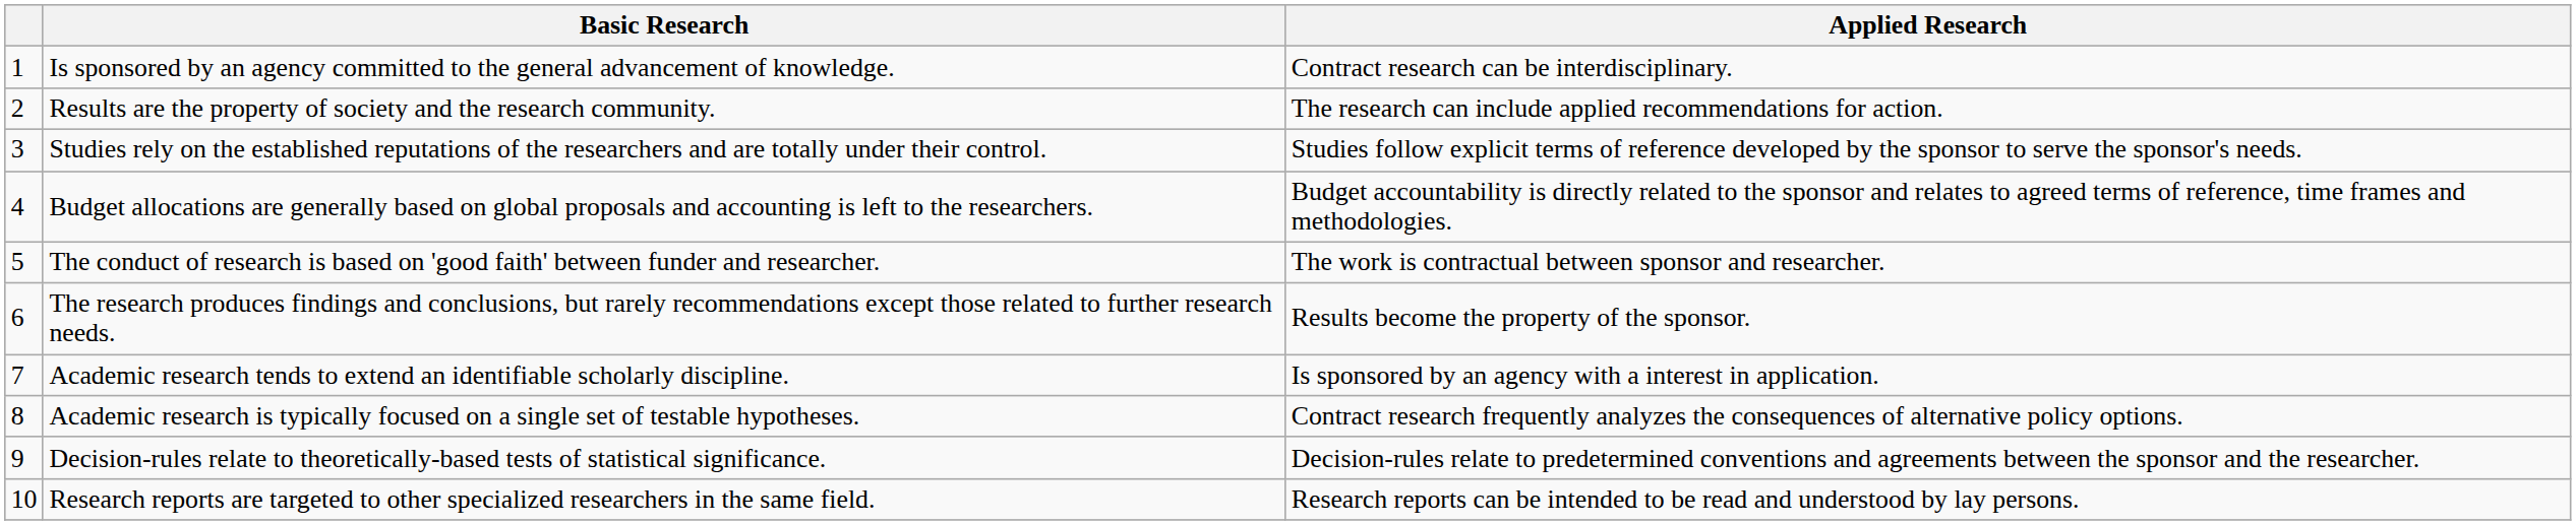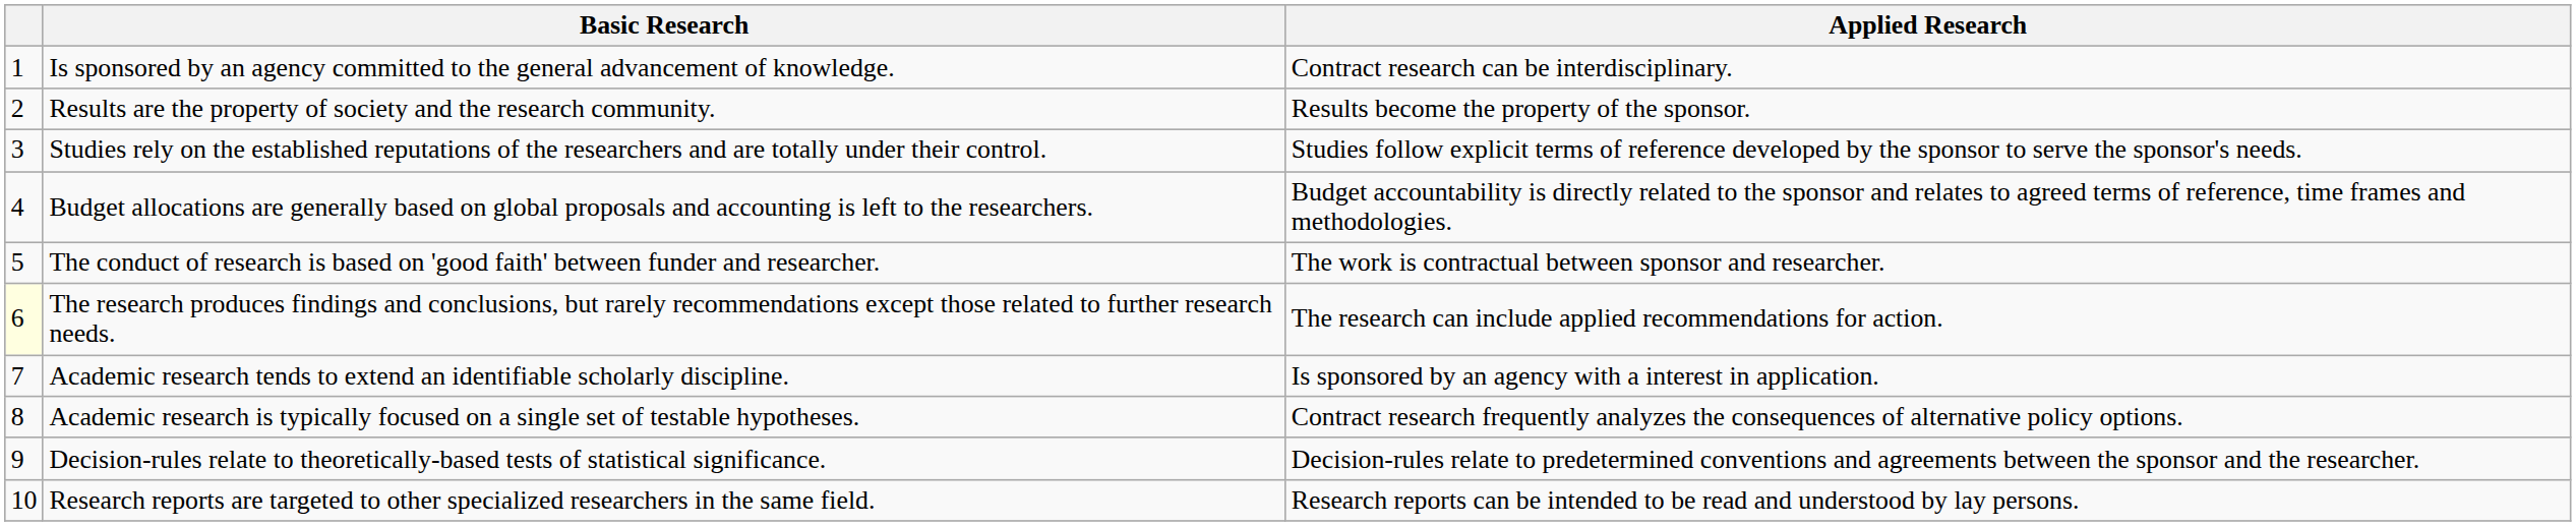 <table class="wikitable">
 <tr>
 <th></th>
 <th>Basic Research</th>
 <th>Applied Research</th>
 </tr>
 <tr>
 <td>1</td>
 <td>Is sponsored by an agency committed to the general advancement of knowledge.</td>
 <td>Contract research can be interdisciplinary.</td>
 </tr>
 <tr>
 <td>2</td>
 <td>Results are the property of society and the research community.</td>
-<td>The research can include applied recommendations for action.</td>
+<td>Results become the property of the sponsor.</td>
 </tr>
 <tr>
 <td>3</td>
 <td>Studies rely on the established reputations of the researchers and are totally under their control.</td>
 <td>Studies follow explicit terms of reference developed by the sponsor to serve the sponsor's needs.</td>
 </tr>
 <tr>
 <td>4</td>
 <td>Budget allocations are generally based on global proposals and accounting is left to the researchers.</td>
 <td>Budget accountability is directly related to the sponsor and relates to agreed terms of reference, time frames and methodologies.</td>
 </tr>
 <tr>
 <td>5</td>
 <td>The conduct of research is based on 'good faith' between funder and researcher.</td>
 <td>The work is contractual between sponsor and researcher.</td>
 </tr>
 <tr>
-<td>6</td>
+<td style="background: lightyellow;">6</td>
 <td>The research produces findings and conclusions, but rarely recommendations except those related to further research needs.</td>
-<td>Results become the property of the sponsor.</td>
+<td>The research can include applied recommendations for action.</td>
 </tr>
 <tr>
 <td>7</td>
 <td>Academic research tends to extend an identifiable scholarly discipline.</td>
 <td>Is sponsored by an agency with a interest in application.</td>
 </tr>
 <tr>
 <td>8</td>
 <td>Academic research is typically focused on a single set of testable hypotheses.</td>
 <td>Contract research frequently analyzes the consequences of alternative policy options.</td>
 </tr>
 <tr>
 <td>9</td>
 <td>Decision-rules relate to theoretically-based tests of statistical significance.</td>
 <td>Decision-rules relate to predetermined conventions and agreements between the sponsor and the researcher.</td>
 </tr>
 <tr>
 <td>10</td>
 <td>Research reports are targeted to other specialized researchers in the same field.</td>
 <td>Research reports can be intended to be read and understood by lay persons.</td>
 </tr>
 </table>
